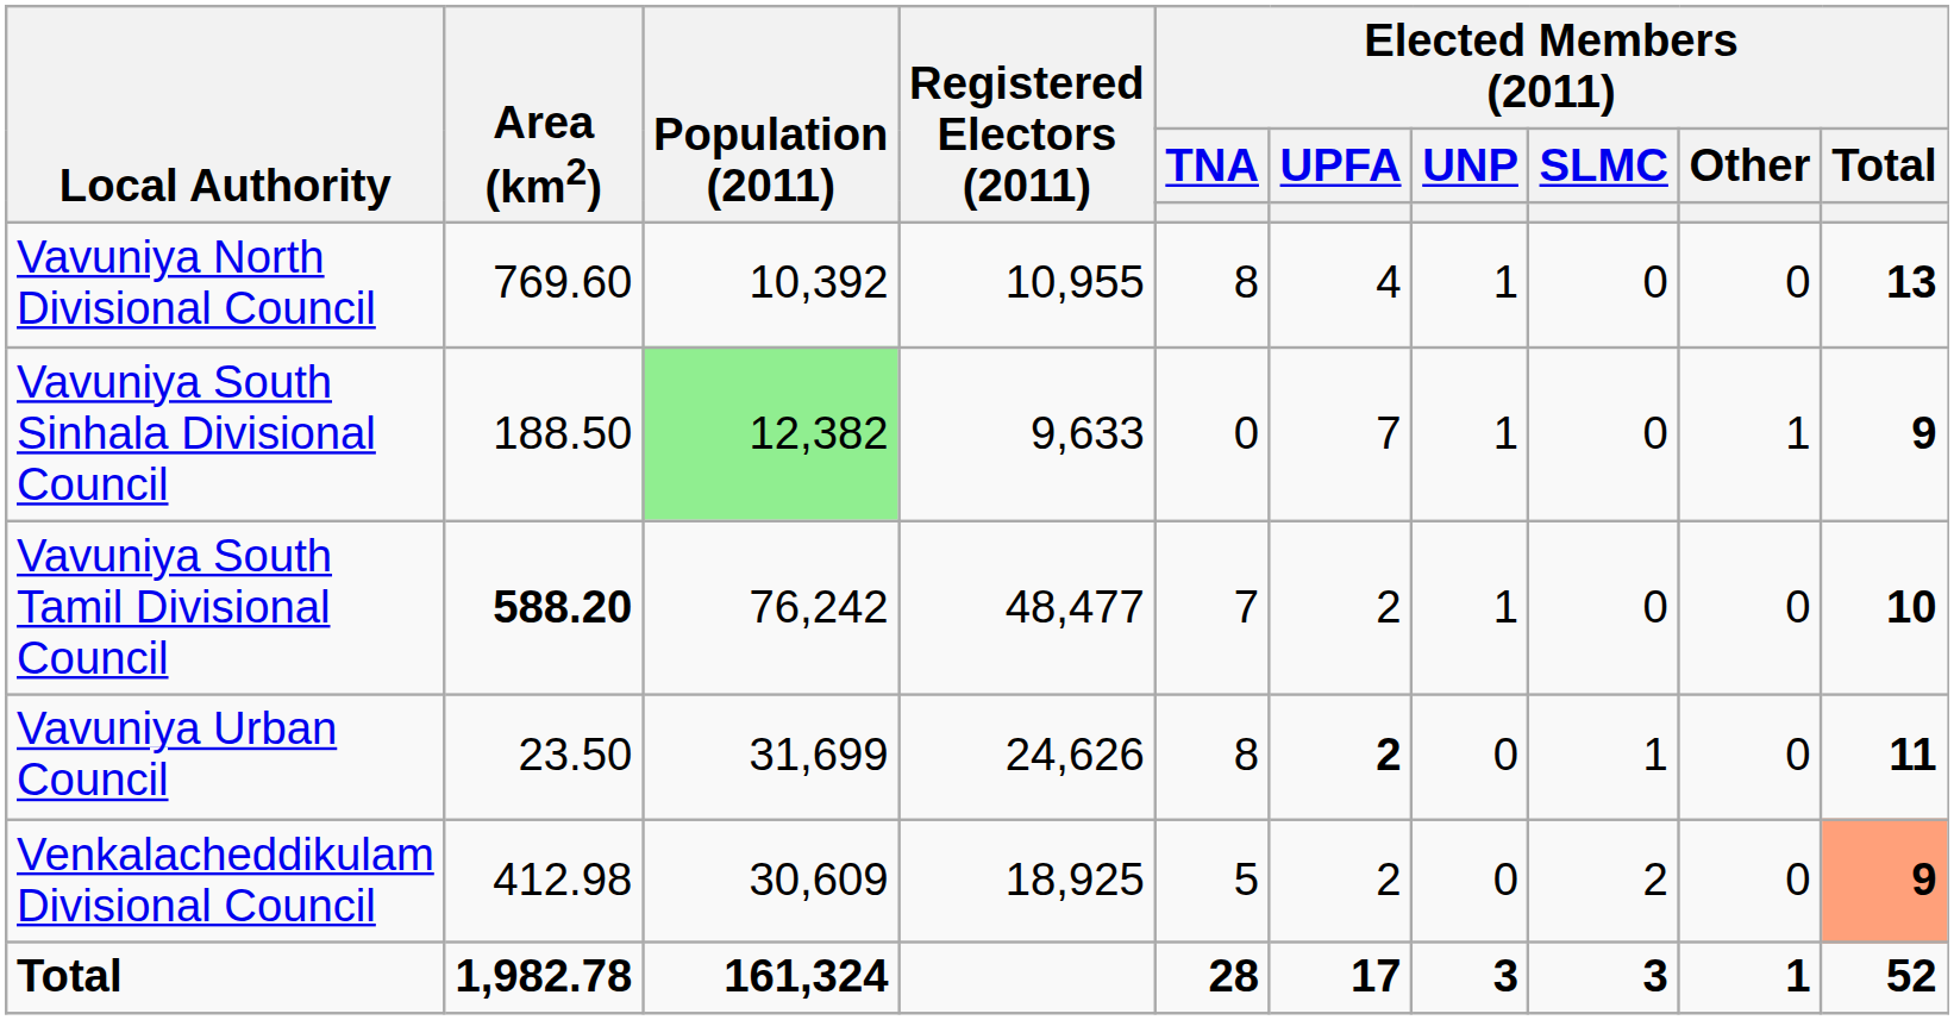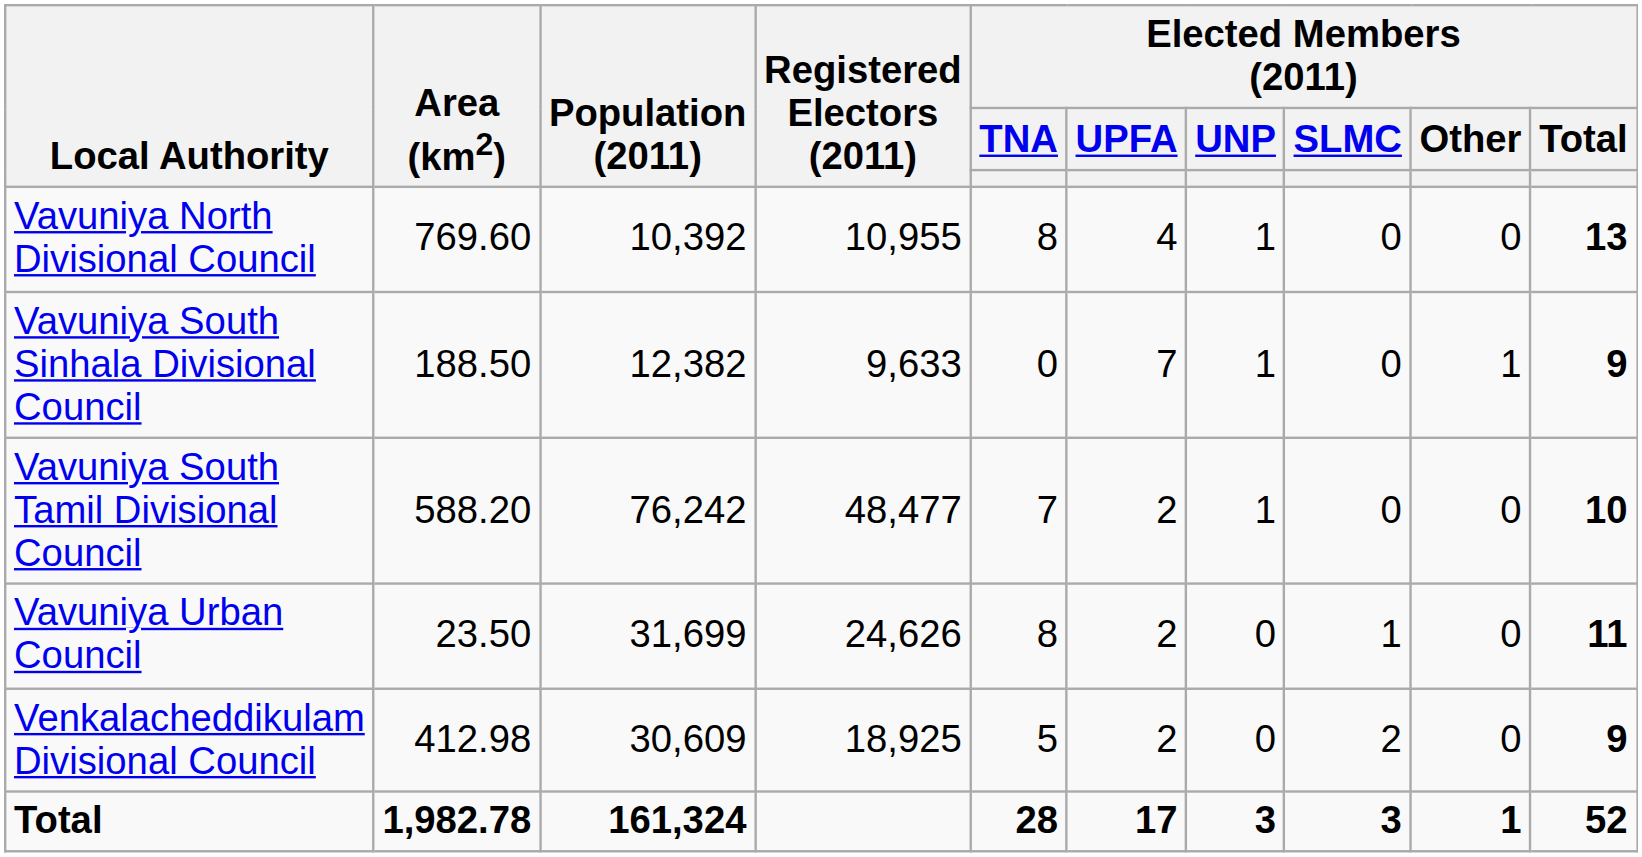 <table class="wikitable" border="1" style="text-align:right;">
 <tr>
 <th style="vertical-align:bottom;" rowspan=3>Local Authority</th>
 <th style="vertical-align:bottom;" rowspan=3>Area<br>(km<sup>2</sup>)<br></th>
 <th style="vertical-align:bottom;" rowspan=3>Population<br>(2011)<br></th>
 <th style="vertical-align:bottom;" rowspan=3>Registered<br>Electors<br>(2011)</th>
 <th colspan=6>Elected Members<br>(2011)</th>
 </tr>
 <tr>
 <th style="width:50px;"><a href='#'>TNA</a></th>
 <th style="width:50px;"><a href='#'>UPFA</a></th>
 <th style="width:50px;"><a href='#'>UNP</a></th>
 <th style="width:50px;"><a href='#'>SLMC</a></th>
 <th style="width:50px;">Other</th>
 <th style="width:50px;">Total</th>
 </tr>
 <tr>
 <th style="background:"></th>
 <th style="background:"></th>
 <th style="background:"></th>
 <th style="background:"></th>
 <th></th>
 <th></th>
 </tr>
 <tr>
 <td align=left><a href='#'>Vavuniya North Divisional Council</a></td>
 <td>769.60</td>
 <td>10,392</td>
 <td>10,955</td>
 <td>8</td>
 <td>4</td>
 <td>1</td>
 <td>0</td>
 <td>0</td>
 <td><strong>13</strong></td>
 </tr>
 <tr>
 <td align=left><a href='#'>Vavuniya South Sinhala Divisional Council</a></td>
 <td>188.50</td>
-<td style="background: lightgreen;">12,382</td>
+<td>12,382</td>
 <td>9,633</td>
 <td>0</td>
 <td>7</td>
 <td>1</td>
 <td>0</td>
 <td>1</td>
 <td><strong>9</strong></td>
 </tr>
 <tr>
 <td align=left><a href='#'>Vavuniya South Tamil Divisional Council</a></td>
-<td><strong>588.20</strong></td>
+<td>588.20</td>
 <td>76,242</td>
 <td>48,477</td>
 <td>7</td>
 <td>2</td>
 <td>1</td>
 <td>0</td>
 <td>0</td>
 <td><strong>10</strong></td>
 </tr>
 <tr>
 <td align=left><a href='#'>Vavuniya Urban Council</a></td>
 <td>23.50</td>
 <td>31,699</td>
 <td>24,626</td>
 <td>8</td>
-<td><strong>2</strong></td>
+<td>2</td>
 <td>0</td>
 <td>1</td>
 <td>0</td>
 <td><strong>11</strong></td>
 </tr>
 <tr>
 <td align=left><a href='#'>Venkalacheddikulam Divisional Council</a></td>
 <td>412.98</td>
 <td>30,609</td>
 <td>18,925</td>
 <td>5</td>
 <td>2</td>
 <td>0</td>
 <td>2</td>
 <td>0</td>
-<td style="background: lightsalmon;"><strong>9</strong></td>
+<td><strong>9</strong></td>
 </tr>
 <tr style="font-weight:bold">
 <td align=left>Total</td>
 <td>1,982.78</td>
 <td>161,324</td>
 <td></td>
 <td>28</td>
 <td>17</td>
 <td>3</td>
 <td>3</td>
 <td>1</td>
 <td>52</td>
 </tr>
 </table>
